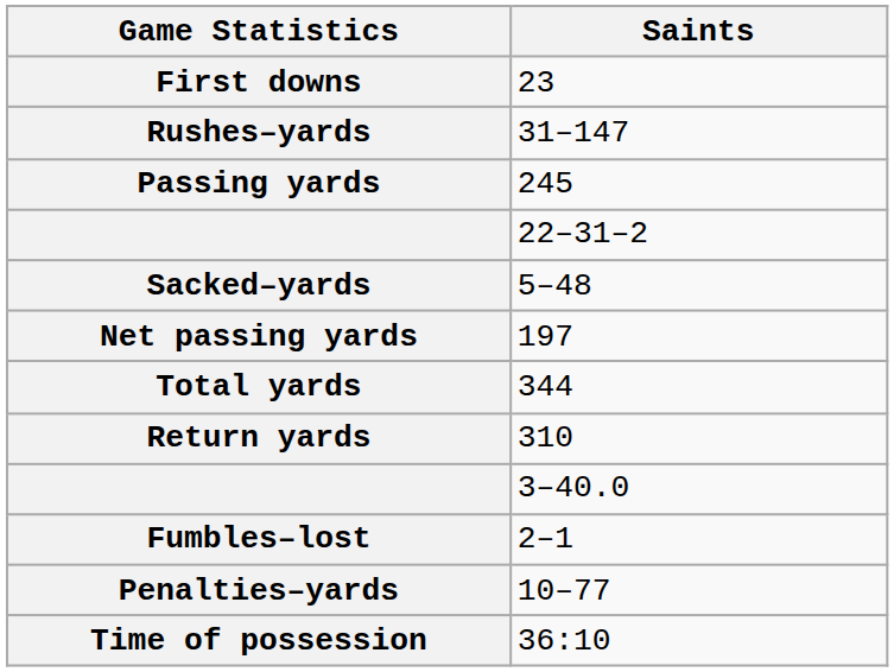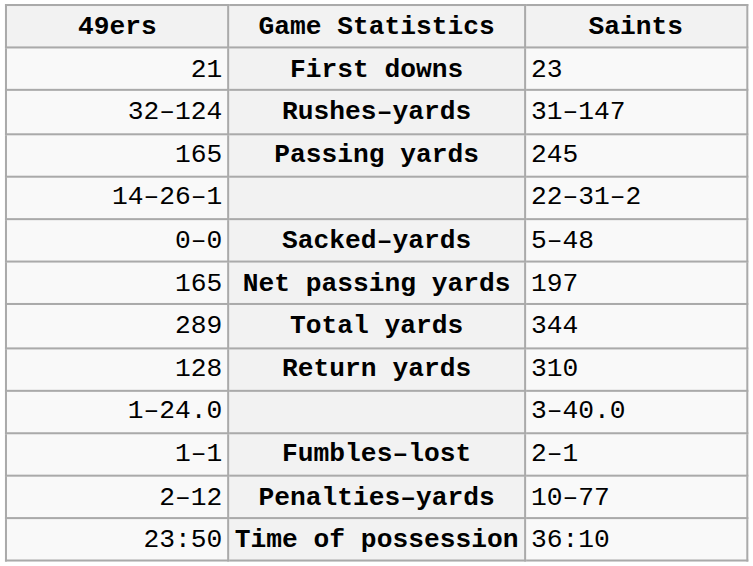 <table class="wikitable" style="margin: 1em auto 1em auto">
 <tr>
+<th style="width:30%;">49ers</th>
 <th style="width:40%;">Game Statistics</th>
 <th style="width:30%;">Saints</th>
 </tr>
 <tr>
+<td style="text-align:right;">21</td>
 <th>First downs</th>
 <td>23</td>
 </tr>
 <tr>
+<td style="text-align:right;">32–124</td>
 <th>Rushes–yards</th>
 <td>31–147</td>
 </tr>
 <tr>
+<td style="text-align:right;">165</td>
 <th>Passing yards</th>
 <td>245</td>
 </tr>
 <tr>
+<td style="text-align:right;">14–26–1</td>
 <th></th>
 <td>22–31–2</td>
 </tr>
 <tr>
+<td style="text-align:right;">0–0</td>
 <th>Sacked–yards</th>
 <td>5–48</td>
 </tr>
 <tr>
+<td style="text-align:right;">165</td>
 <th>Net passing yards</th>
 <td>197</td>
 </tr>
 <tr>
+<td style="text-align:right;">289</td>
 <th>Total yards</th>
 <td>344</td>
 </tr>
 <tr>
+<td style="text-align:right;">128</td>
 <th>Return yards</th>
 <td>310</td>
 </tr>
 <tr>
+<td style="text-align:right;">1–24.0</td>
 <th></th>
 <td>3–40.0</td>
 </tr>
 <tr>
+<td style="text-align:right;">1–1</td>
 <th>Fumbles–lost</th>
 <td>2–1</td>
 </tr>
 <tr>
+<td style="text-align:right;">2–12</td>
 <th>Penalties–yards</th>
 <td>10–77</td>
 </tr>
 <tr>
+<td style="text-align:right;">23:50</td>
 <th>Time of possession</th>
 <td>36:10</td>
 </tr>
 </table>
